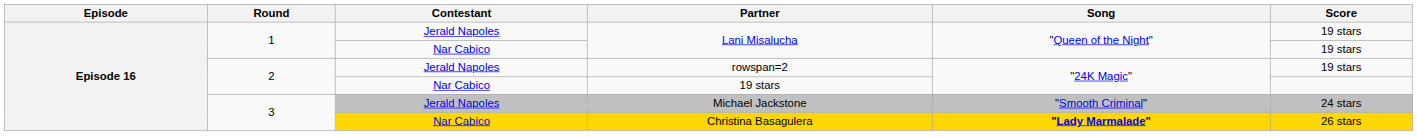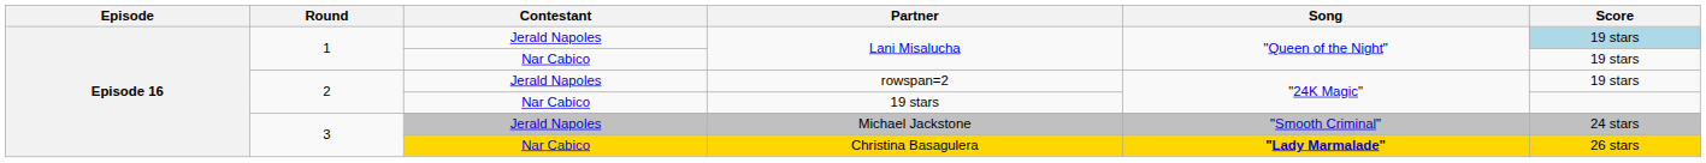 <table class="wikitable" style="text-align:center; width:100%;">
 <tr>
 <th>Episode</th>
 <th>Round</th>
 <th>Contestant</th>
 <th>Partner</th>
 <th>Song</th>
 <th>Score</th>
 </tr>
 <tr>
 <th rowspan=7>Episode 16<br></th>
 <td rowspan=2>1</td>
 <td><a href='#'>Jerald Napoles</a></td>
 <td rowspan=2><a href='#'>Lani Misalucha</a></td>
 <td rowspan=2>"<a href='#'>Queen of the Night</a>"</td>
-<td>19 stars</td>
+<td style="background: lightblue;">19 stars</td>
 </tr>
 <tr>
 <td><a href='#'>Nar Cabico</a></td>
 <td>19 stars</td>
 </tr>
 <tr>
 <td rowspan=2>2</td>
 <td><a href='#'>Jerald Napoles</a></td>
 <td>rowspan=2 </td>
 <td rowspan=2>"<a href='#'>24K Magic</a>"</td>
 <td>19 stars</td>
 </tr>
 <tr>
 <td><a href='#'>Nar Cabico</a></td>
 <td>19 stars</td>
 </tr>
 <tr>
 <td rowspan=2>3</td>
 <td style="background:silver;"><a href='#'>Jerald Napoles</a></td>
 <td style="background:silver;">Michael Jackstone</td>
 <td style="background:silver;">"<a href='#'>Smooth Criminal</a>"</td>
 <td style="background:silver;">24 stars</td>
 </tr>
 <tr>
 <td style="background:gold;"><a href='#'>Nar Cabico</a></td>
 <td style="background:gold;">Christina Basagulera</td>
 <td style="background:gold;"><strong>"<a href='#'>Lady Marmalade</a>"</strong></td>
 <td style="background:gold;">26 stars</td>
 </tr>
 </table>
